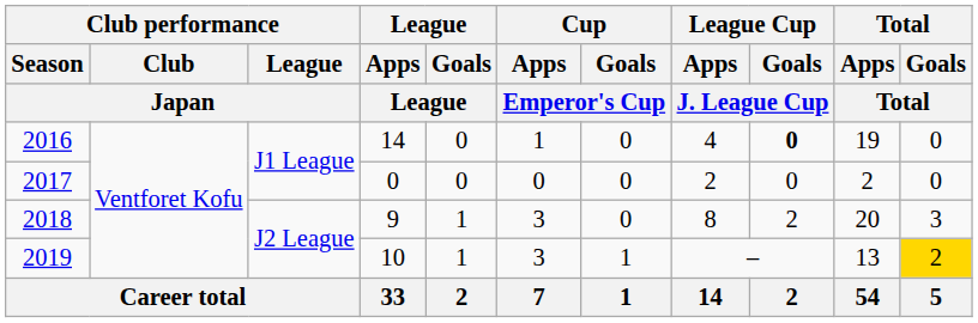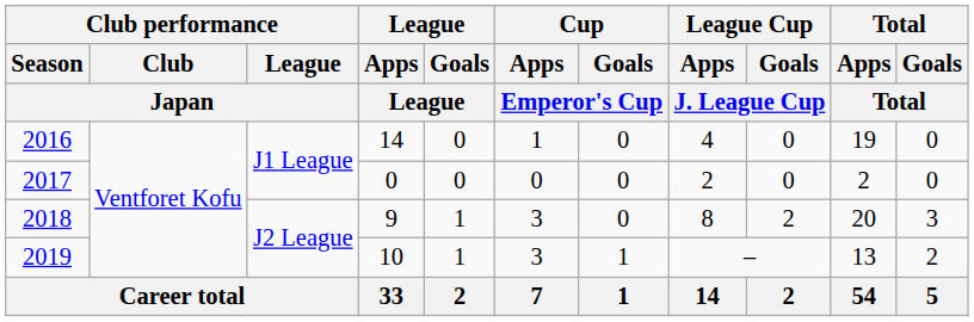 <table class="wikitable" style="text-align:center">
 <tr>
 <th colspan=3>Club performance</th>
 <th colspan=2>League</th>
 <th colspan=2>Cup</th>
 <th colspan=2>League Cup</th>
 <th colspan=2>Total</th>
 </tr>
 <tr>
 <th>Season</th>
 <th>Club</th>
 <th>League</th>
 <th>Apps</th>
 <th>Goals</th>
 <th>Apps</th>
 <th>Goals</th>
 <th>Apps</th>
 <th>Goals</th>
 <th>Apps</th>
 <th>Goals</th>
 </tr>
 <tr>
 <th colspan=3>Japan</th>
 <th colspan=2>League</th>
 <th colspan=2><a href='#'>Emperor's Cup</a></th>
 <th colspan=2><a href='#'>J. League Cup</a></th>
 <th colspan=2>Total</th>
 </tr>
 <tr>
 <td><a href='#'>2016</a></td>
 <td rowspan="4"><a href='#'>Ventforet Kofu</a></td>
 <td rowspan="2"><a href='#'>J1 League</a></td>
 <td>14</td>
 <td>0</td>
 <td>1</td>
 <td>0</td>
 <td>4</td>
-<td><strong>0</strong></td>
+<td>0</td>
 <td>19</td>
 <td>0</td>
 </tr>
 <tr>
 <td><a href='#'>2017</a></td>
 <td>0</td>
 <td>0</td>
 <td>0</td>
 <td>0</td>
 <td>2</td>
 <td>0</td>
 <td>2</td>
 <td>0</td>
 </tr>
 <tr>
 <td><a href='#'>2018</a></td>
 <td rowspan="2"><a href='#'>J2 League</a></td>
 <td>9</td>
 <td>1</td>
 <td>3</td>
 <td>0</td>
 <td>8</td>
 <td>2</td>
 <td>20</td>
 <td>3</td>
 </tr>
 <tr>
 <td><a href='#'>2019</a></td>
 <td>10</td>
 <td>1</td>
 <td>3</td>
 <td>1</td>
 <td colspan="2">–</td>
 <td>13</td>
-<td style="background: gold;">2</td>
+<td>2</td>
 </tr>
 <tr>
 <th colspan=3>Career total</th>
 <th>33</th>
 <th>2</th>
 <th>7</th>
 <th>1</th>
 <th>14</th>
 <th>2</th>
 <th>54</th>
 <th>5</th>
 </tr>
 </table>
